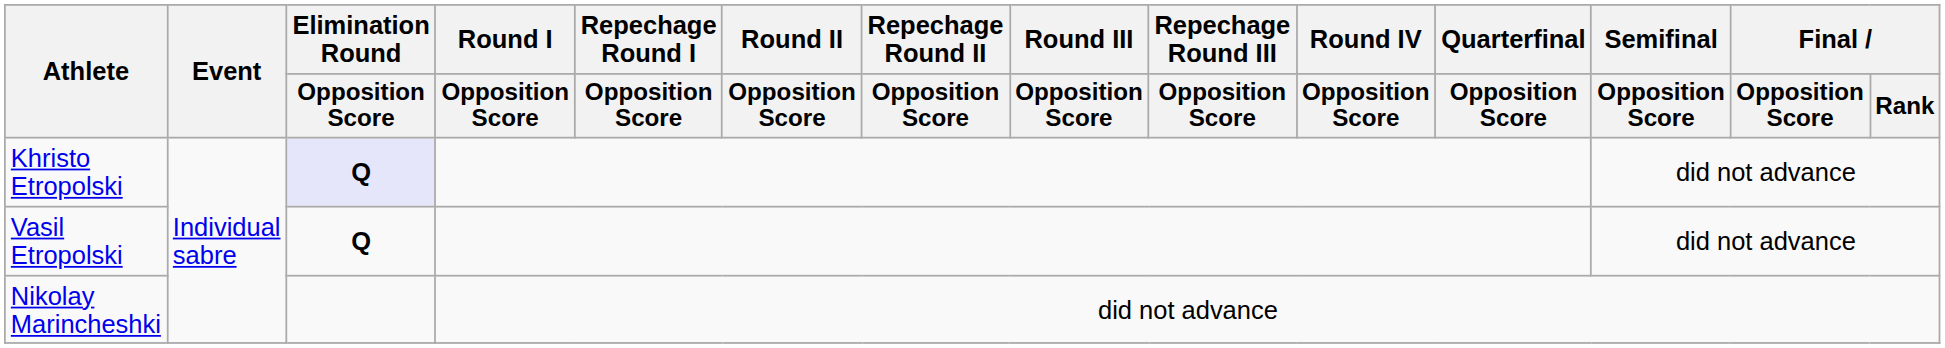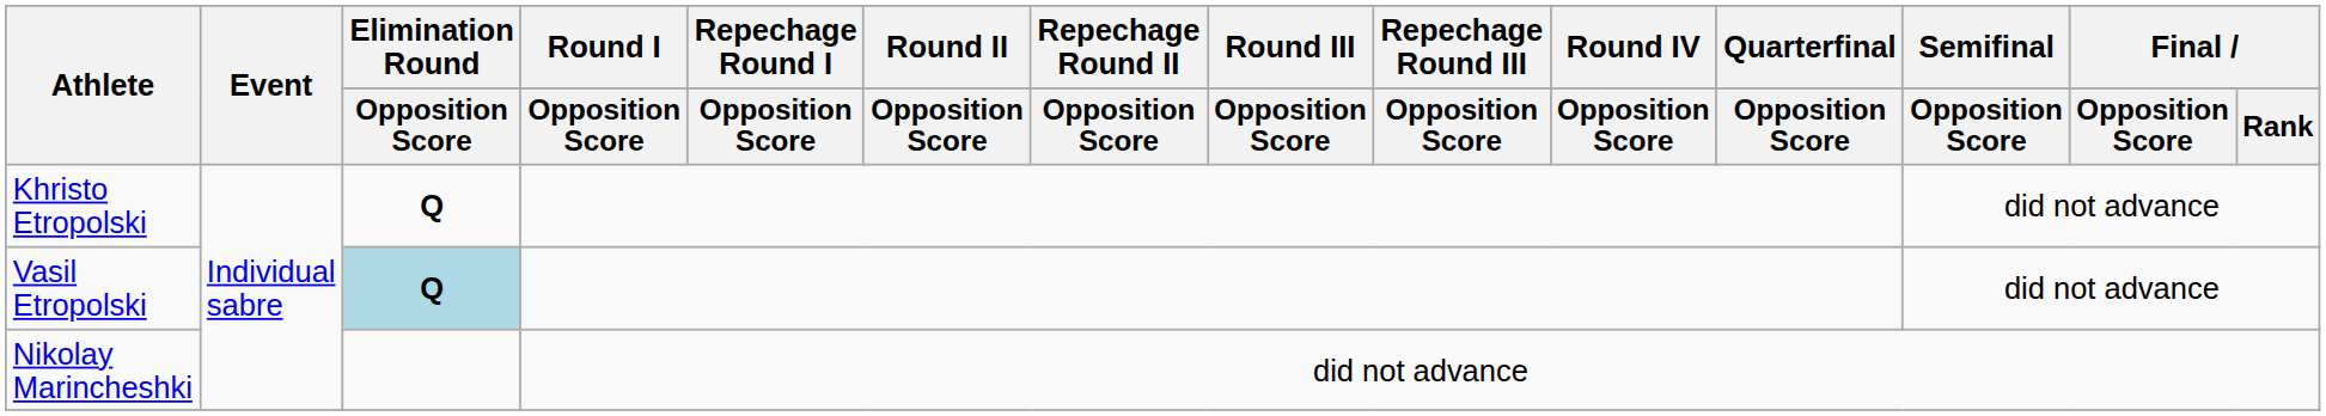 <table class="wikitable" style="font-size:90%">
 <tr>
 <th rowspan="2">Athlete</th>
 <th rowspan="2">Event</th>
 <th>Elimination Round</th>
 <th>Round I</th>
 <th>Repechage Round I</th>
 <th>Round II</th>
 <th>Repechage Round II</th>
 <th>Round III</th>
 <th>Repechage Round III</th>
 <th>Round IV</th>
 <th>Quarterfinal</th>
 <th>Semifinal</th>
 <th colspan=2>Final / </th>
 </tr>
 <tr style="font-size:95%">
 <th>Opposition <br> Score</th>
 <th>Opposition <br> Score</th>
 <th>Opposition <br> Score</th>
 <th>Opposition <br> Score</th>
 <th>Opposition <br> Score</th>
 <th>Opposition <br> Score</th>
 <th>Opposition <br> Score</th>
 <th>Opposition <br> Score</th>
 <th>Opposition <br> Score</th>
 <th>Opposition <br> Score</th>
 <th>Opposition <br> Score</th>
 <th>Rank</th>
 </tr>
 <tr align=center>
 <td align=left><a href='#'>Khristo Etropolski</a></td>
 <td align=left rowspan=3><a href='#'>Individual sabre</a></td>
-<td style="background: lavender;"><strong>Q</strong></td>
+<td><strong>Q</strong></td>
 <td colspan=8></td>
 <td colspan=8>did not advance</td>
 </tr>
 <tr align=center>
 <td align=left><a href='#'>Vasil Etropolski</a></td>
-<td><strong>Q</strong></td>
+<td style="background: lightblue;"><strong>Q</strong></td>
 <td colspan=8></td>
 <td colspan=8>did not advance</td>
 </tr>
 <tr align=center>
 <td align=left><a href='#'>Nikolay Marincheshki</a></td>
 <td></td>
 <td colspan=11>did not advance</td>
 </tr>
 </table>
